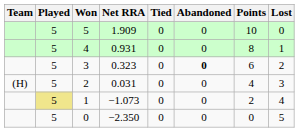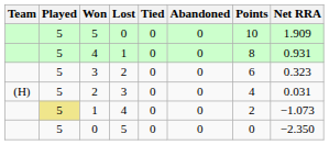 <table class="wikitable" style="text-align:center">
 <tr>
 <th>Team</th>
 <th>Played</th>
 <th>Won</th>
-<th>Net RRA</th>
+<th>Lost</th>
 <th>Tied</th>
 <th>Abandoned</th>
 <th>Points</th>
-<th>Lost</th>
+<th>Net RRA</th>
 </tr>
 <tr style="background:#cfc;">
 <td></td>
 <td>5</td>
 <td>5</td>
-<td>1.909</td>
+<td>0</td>
 <td>0</td>
 <td>0</td>
 <td>10</td>
-<td>0</td>
+<td>1.909</td>
 </tr>
 <tr style="background:#cfc;">
 <td></td>
 <td>5</td>
 <td>4</td>
-<td>0.931</td>
+<td>1</td>
 <td>0</td>
 <td>0</td>
 <td>8</td>
-<td>1</td>
+<td>0.931</td>
 </tr>
 <tr>
 <td></td>
 <td>5</td>
 <td>3</td>
+<td>2</td>
+<td>0</td>
+<td>0</td>
+<td>6</td>
 <td>0.323</td>
-<td>0</td>
-<td><strong>0</strong></td>
-<td>6</td>
-<td>2</td>
 </tr>
 <tr>
 <td> (H)</td>
 <td>5</td>
 <td>2</td>
-<td>0.031</td>
+<td>3</td>
 <td>0</td>
 <td>0</td>
 <td>4</td>
-<td>3</td>
+<td>0.031</td>
 </tr>
 <tr>
 <td></td>
 <td style="background: khaki;">5</td>
 <td>1</td>
-<td>−1.073</td>
+<td>4</td>
 <td>0</td>
 <td>0</td>
 <td>2</td>
-<td>4</td>
+<td>−1.073</td>
 </tr>
 <tr>
 <td></td>
 <td>5</td>
 <td>0</td>
-<td>−2.350</td>
+<td>5</td>
 <td>0</td>
 <td>0</td>
 <td>0</td>
-<td>5</td>
+<td>−2.350</td>
 </tr>
 </table>
